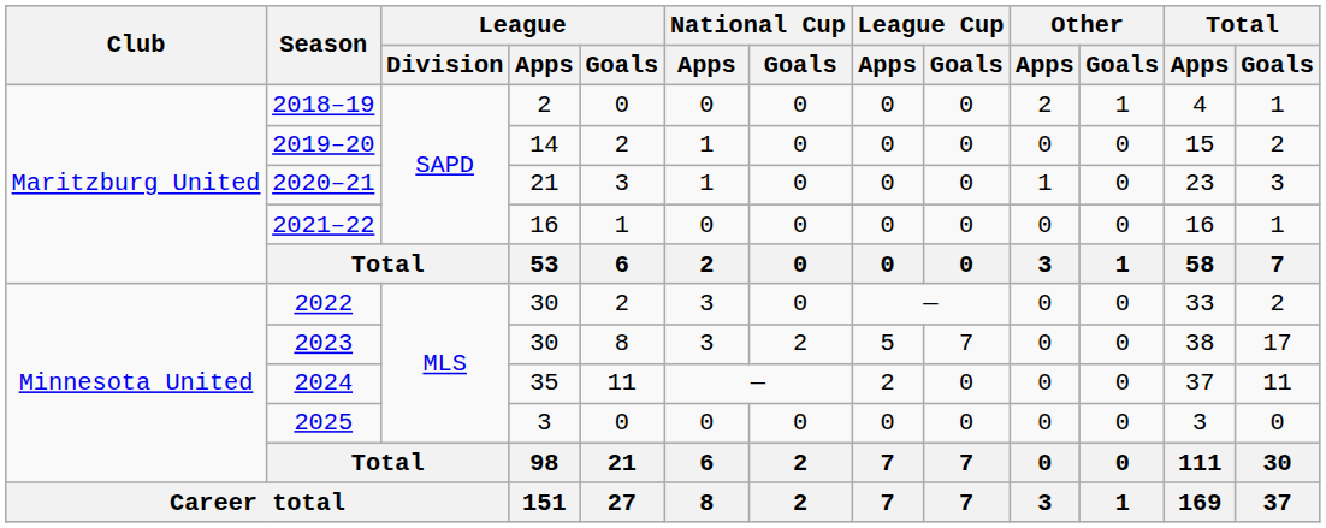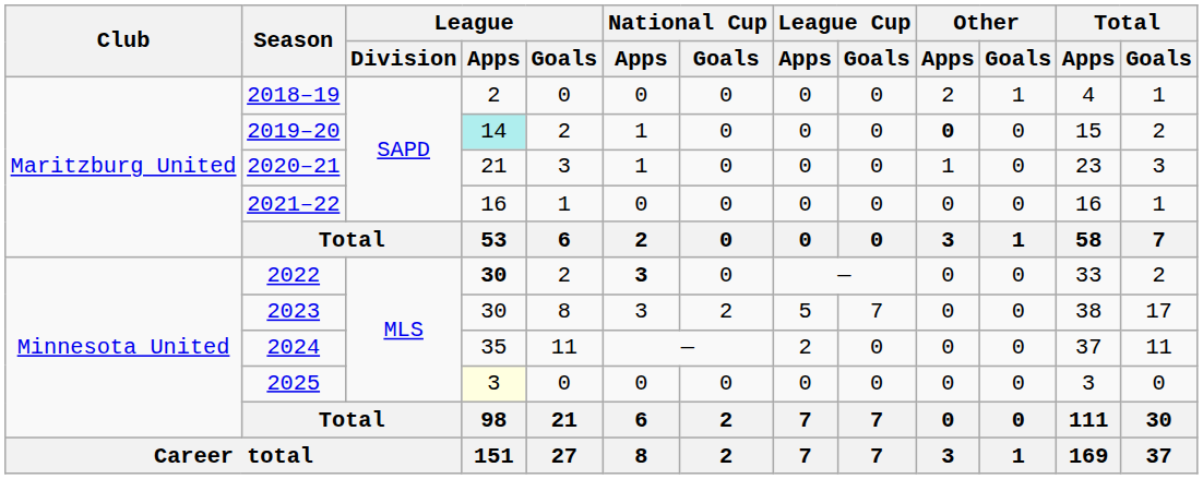 <table class="wikitable" style="text-align: center">
 <tr>
 <th rowspan="2">Club</th>
 <th rowspan="2">Season</th>
 <th colspan="3">League</th>
 <th colspan="2">National Cup</th>
 <th colspan="2">League Cup</th>
 <th colspan="2">Other</th>
 <th colspan="2">Total</th>
 </tr>
 <tr>
 <th>Division</th>
 <th>Apps</th>
 <th>Goals</th>
 <th>Apps</th>
 <th>Goals</th>
 <th>Apps</th>
 <th>Goals</th>
 <th>Apps</th>
 <th>Goals</th>
 <th>Apps</th>
 <th>Goals</th>
 </tr>
 <tr>
 <td rowspan="5"><a href='#'>Maritzburg United</a></td>
 <td><a href='#'>2018–19</a></td>
 <td rowspan="4"><a href='#'>SAPD</a></td>
 <td>2</td>
 <td>0</td>
 <td>0</td>
 <td>0</td>
 <td>0</td>
 <td>0</td>
 <td>2</td>
 <td>1</td>
 <td>4</td>
 <td>1</td>
 </tr>
 <tr>
 <td><a href='#'>2019–20</a></td>
-<td>14</td>
+<td style="background: paleturquoise;">14</td>
 <td>2</td>
 <td>1</td>
 <td>0</td>
 <td>0</td>
 <td>0</td>
-<td>0</td>
+<td><strong>0</strong></td>
 <td>0</td>
 <td>15</td>
 <td>2</td>
 </tr>
 <tr>
 <td><a href='#'>2020–21</a></td>
 <td>21</td>
 <td>3</td>
 <td>1</td>
 <td>0</td>
 <td>0</td>
 <td>0</td>
 <td>1</td>
 <td>0</td>
 <td>23</td>
 <td>3</td>
 </tr>
 <tr>
 <td><a href='#'>2021–22</a></td>
 <td>16</td>
 <td>1</td>
 <td>0</td>
 <td>0</td>
 <td>0</td>
 <td>0</td>
 <td>0</td>
 <td>0</td>
 <td>16</td>
 <td>1</td>
 </tr>
 <tr>
 <th colspan="2">Total</th>
 <th>53</th>
 <th>6</th>
 <th>2</th>
 <th>0</th>
 <th>0</th>
 <th>0</th>
 <th>3</th>
 <th>1</th>
 <th>58</th>
 <th>7</th>
 </tr>
 <tr>
 <td rowspan="5"><a href='#'>Minnesota United</a></td>
 <td><a href='#'>2022</a></td>
 <td rowspan="4"><a href='#'>MLS</a></td>
-<td>30</td>
+<td><strong>30</strong></td>
 <td>2</td>
-<td>3</td>
+<td><strong>3</strong></td>
 <td>0</td>
 <td colspan="2">—</td>
 <td>0</td>
 <td>0</td>
 <td>33</td>
 <td>2</td>
 </tr>
 <tr>
 <td><a href='#'>2023</a></td>
 <td>30</td>
 <td>8</td>
 <td>3</td>
 <td>2</td>
 <td>5</td>
 <td>7</td>
 <td>0</td>
 <td>0</td>
 <td>38</td>
 <td>17</td>
 </tr>
 <tr>
 <td><a href='#'>2024</a></td>
 <td>35</td>
 <td>11</td>
 <td colspan="2">—</td>
 <td>2</td>
 <td>0</td>
 <td>0</td>
 <td>0</td>
 <td>37</td>
 <td>11</td>
 </tr>
 <tr>
 <td><a href='#'>2025</a></td>
-<td>3</td>
+<td style="background: lightyellow;">3</td>
 <td>0</td>
 <td>0</td>
 <td>0</td>
 <td>0</td>
 <td>0</td>
 <td>0</td>
 <td>0</td>
 <td>3</td>
 <td>0</td>
 </tr>
 <tr>
 <th colspan="2">Total</th>
 <th>98</th>
 <th>21</th>
 <th>6</th>
 <th>2</th>
 <th>7</th>
 <th>7</th>
 <th>0</th>
 <th>0</th>
 <th>111</th>
 <th>30</th>
 </tr>
 <tr>
 <th colspan="3">Career total</th>
 <th>151</th>
 <th>27</th>
 <th>8</th>
 <th>2</th>
 <th>7</th>
 <th>7</th>
 <th>3</th>
 <th>1</th>
 <th>169</th>
 <th>37</th>
 </tr>
 </table>
